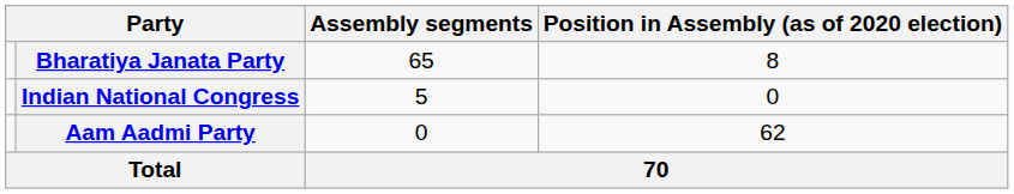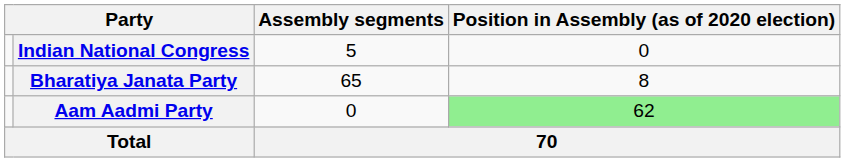 <table class="wikitable" style="text-align:center">
 <tr>
 <th colspan=2>Party</th>
 <th>Assembly segments</th>
 <th>Position in Assembly (as of 2020 election)</th>
+</tr>
+<tr>
+<td></td>
+<th><a href='#'>Indian National Congress</a></th>
+<td>5</td>
+<td>0</td>
 </tr>
 <tr>
 <td></td>
 <th><a href='#'>Bharatiya Janata Party</a></th>
 <td>65</td>
 <td>8</td>
 </tr>
 <tr>
 <td></td>
-<th><a href='#'>Indian National Congress</a></th>
-<td>5</td>
-<td>0</td>
-</tr>
-<tr>
-<td></td>
 <th><a href='#'>Aam Aadmi Party</a></th>
 <td>0</td>
-<td>62</td>
+<td style="background: lightgreen;">62</td>
 </tr>
 <tr>
 <th colspan=2>Total</th>
 <th colspan=2>70</th>
 </tr>
 </table>
